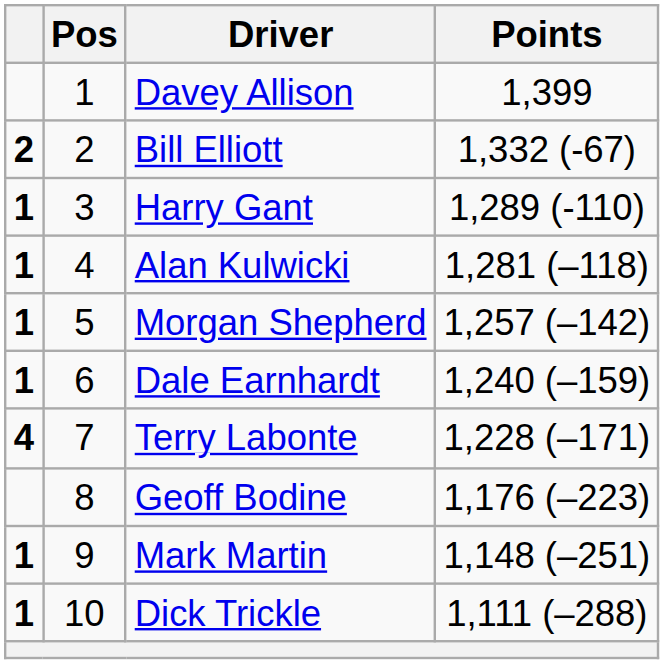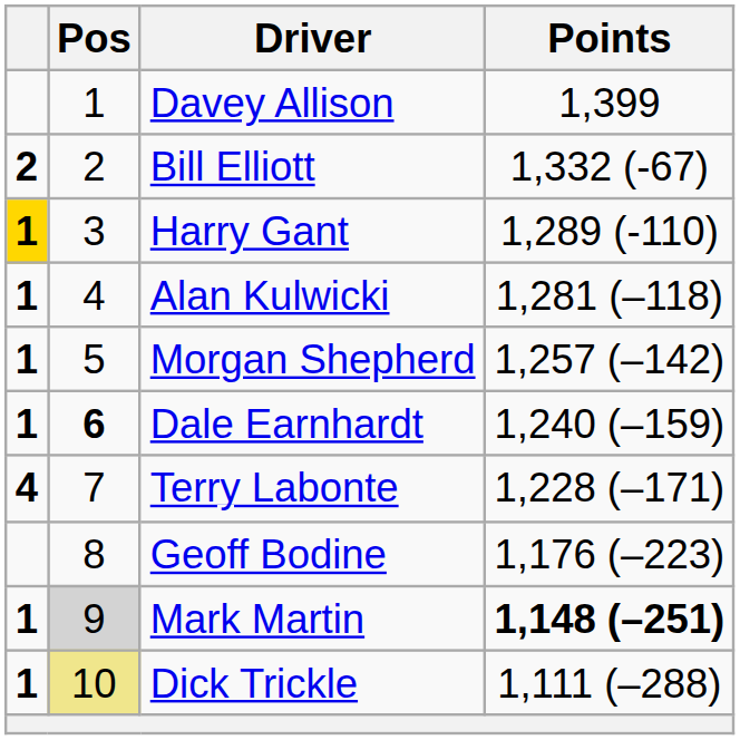 <table class="wikitable" style="font-size: 95%;">
 <tr>
 <th></th>
 <th>Pos</th>
 <th>Driver</th>
 <th>Points</th>
 </tr>
 <tr>
 <td align="left"></td>
 <td style="text-align:center;">1</td>
 <td><a href='#'>Davey Allison</a></td>
 <td style="text-align:center;">1,399</td>
 </tr>
 <tr>
 <td align="left"> <strong>2</strong></td>
 <td style="text-align:center;">2</td>
 <td><a href='#'>Bill Elliott</a></td>
 <td style="text-align:center;">1,332 (-67)</td>
 </tr>
 <tr>
-<td align="left"> <strong>1</strong></td>
+<td align="left" style="background: gold;"> <strong>1</strong></td>
 <td style="text-align:center;">3</td>
 <td><a href='#'>Harry Gant</a></td>
 <td style="text-align:center;">1,289 (-110)</td>
 </tr>
 <tr>
 <td align="left"> <strong>1</strong></td>
 <td style="text-align:center;">4</td>
 <td><a href='#'>Alan Kulwicki</a></td>
 <td style="text-align:center;">1,281 (–118)</td>
 </tr>
 <tr>
 <td align="left"> <strong>1</strong></td>
 <td style="text-align:center;">5</td>
 <td><a href='#'>Morgan Shepherd</a></td>
 <td style="text-align:center;">1,257 (–142)</td>
 </tr>
 <tr>
 <td align="left"> <strong>1</strong></td>
-<td style="text-align:center;">6</td>
+<td style="text-align:center;"><strong>6</strong></td>
 <td><a href='#'>Dale Earnhardt</a></td>
 <td style="text-align:center;">1,240 (–159)</td>
 </tr>
 <tr>
 <td align="left"> <strong>4</strong></td>
 <td style="text-align:center;">7</td>
 <td><a href='#'>Terry Labonte</a></td>
 <td style="text-align:center;">1,228 (–171)</td>
 </tr>
 <tr>
 <td align="left"></td>
 <td style="text-align:center;">8</td>
 <td><a href='#'>Geoff Bodine</a></td>
 <td style="text-align:center;">1,176 (–223)</td>
 </tr>
 <tr>
 <td align="left"> <strong>1</strong></td>
-<td style="text-align:center;">9</td>
+<td style="background: lightgrey; text-align:center;">9</td>
 <td><a href='#'>Mark Martin</a></td>
-<td style="text-align:center;">1,148 (–251)</td>
+<td style="text-align:center;"><strong>1,148 (–251)</strong></td>
 </tr>
 <tr>
 <td align="left"> <strong>1</strong></td>
-<td style="text-align:center;">10</td>
+<td style="background: khaki; text-align:center;">10</td>
 <td><a href='#'>Dick Trickle</a></td>
 <td style="text-align:center;">1,111 (–288)</td>
 </tr>
 <tr class="sortbottom">
 <th colspan="9"></th>
 </tr>
 </table>
